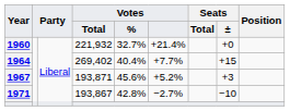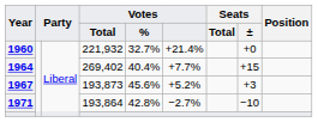 <table class="wikitable" style="font-size:90%; text-align:center;">
 <tr>
 <th rowspan="2" style="background:#eaecf0;">Year</th>
 <th colspan="2" rowspan="2" style="background:#eaecf0;">Party</th>
 <th colspan="3" style="background:#eaecf0;">Votes</th>
 <th colspan="2">Seats</th>
 <th rowspan="2">Position</th>
 </tr>
 <tr>
 <th style="background:#eaecf0;">Total</th>
 <th style="background:#eaecf0;">%</th>
 <th style="background:#eaecf0;"></th>
 <th>Total</th>
 <th>±</th>
 </tr>
 <tr>
 <th><a href='#'>1960</a></th>
 <td rowspan="5" style="background-color:"></td>
 <td rowspan="5"><a href='#'>Liberal</a></td>
 <td>221,932</td>
 <td>32.7%</td>
 <td>+21.4%</td>
 <td></td>
 <td>+0</td>
 <td></td>
 </tr>
 <tr>
 <th><a href='#'>1964</a></th>
 <td>269,402</td>
 <td>40.4%</td>
 <td>+7.7%</td>
 <td></td>
 <td>+15</td>
 <td></td>
 </tr>
 <tr>
 <th><a href='#'>1967</a></th>
-<td>193,871</td>
+<td>193,873</td>
 <td>45.6%</td>
 <td>+5.2%</td>
 <td></td>
 <td>+3</td>
 <td></td>
 </tr>
 <tr>
 <th><a href='#'>1971</a></th>
-<td>193,867</td>
+<td>193,864</td>
 <td>42.8%</td>
 <td>−2.7%</td>
 <td></td>
 <td>−10</td>
 <td></td>
 </tr>
 <tr>
 <th colspan="10" style="background:#eaecf0;"></th>
 </tr>
 </table>
